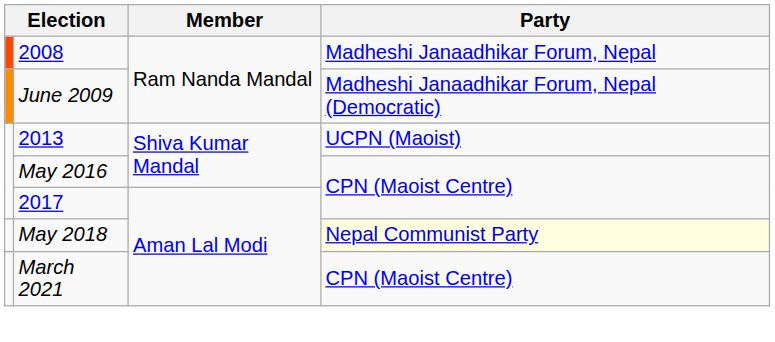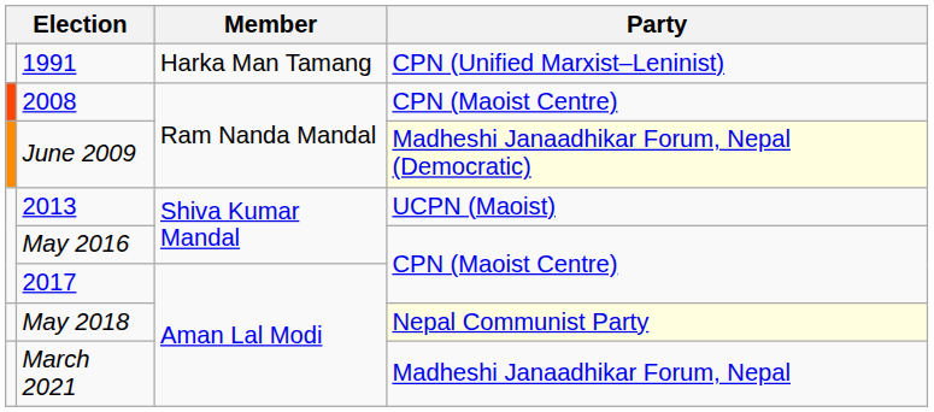 <table class="wikitable">
 <tr>
 <th colspan="2">Election</th>
 <th>Member</th>
 <th>Party</th>
 </tr>
 <tr>
+<td style="background-color:"></td>
+<td><a href='#'>1991</a></td>
+<td>Harka Man Tamang</td>
+<td><a href='#'>CPN (Unified Marxist–Leninist)</a></td>
+</tr>
+<tr>
 <td style="background-color:orangered"></td>
 <td><a href='#'>2008</a></td>
 <td rowspan="2">Ram Nanda Mandal</td>
-<td><a href='#'>Madheshi Janaadhikar Forum, Nepal</a></td>
+<td><a href='#'>CPN (Maoist Centre)</a></td>
 </tr>
 <tr>
 <td style="background-color:darkorange"></td>
 <td><em>June 2009</em></td>
-<td><a href='#'>Madheshi Janaadhikar Forum, Nepal (Democratic)</a></td>
+<td style="background: lightyellow;"><a href='#'>Madheshi Janaadhikar Forum, Nepal (Democratic)</a></td>
 </tr>
 <tr>
 <td rowspan="3" style="background-color:"></td>
 <td><a href='#'>2013</a></td>
 <td rowspan="2"><a href='#'>Shiva Kumar Mandal</a></td>
 <td><a href='#'>UCPN (Maoist)</a></td>
 </tr>
 <tr>
 <td><em>May 2016</em></td>
 <td rowspan="2"><a href='#'>CPN (Maoist Centre)</a></td>
 </tr>
 <tr>
 <td><a href='#'>2017</a></td>
 <td rowspan="3"><a href='#'>Aman Lal Modi</a></td>
 </tr>
 <tr>
 <td style="background-color:"></td>
 <td><em>May 2018</em></td>
 <td style="background: lightyellow;"><a href='#'>Nepal Communist Party</a></td>
 </tr>
 <tr>
 <td style="background-color:"></td>
 <td><em>March 2021</em></td>
-<td><a href='#'>CPN (Maoist Centre)</a></td>
+<td><a href='#'>Madheshi Janaadhikar Forum, Nepal</a></td>
 </tr>
 </table>
